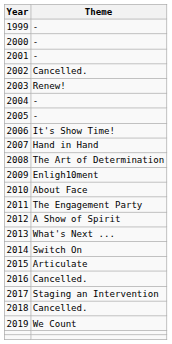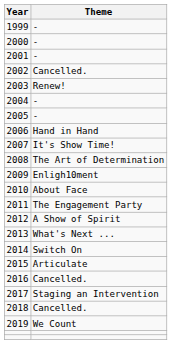 <table class="wikitable">
 <tr>
 <th>Year</th>
 <th>Theme</th>
 </tr>
 <tr>
 <td>1999</td>
 <td>-</td>
 </tr>
 <tr>
 <td>2000</td>
 <td>-</td>
 </tr>
 <tr>
 <td>2001</td>
 <td>-</td>
 </tr>
 <tr>
 <td>2002</td>
 <td>Cancelled.</td>
 </tr>
 <tr>
 <td>2003</td>
 <td>Renew!</td>
 </tr>
 <tr>
 <td>2004</td>
 <td>-</td>
 </tr>
 <tr>
 <td>2005</td>
 <td>-</td>
 </tr>
 <tr>
 <td>2006</td>
-<td>It's Show Time!</td>
+<td>Hand in Hand</td>
 </tr>
 <tr>
 <td>2007</td>
-<td>Hand in Hand</td>
+<td>It's Show Time!</td>
 </tr>
 <tr>
 <td>2008</td>
 <td>The Art of Determination</td>
 </tr>
 <tr>
 <td>2009</td>
 <td>Enligh10ment</td>
 </tr>
 <tr>
 <td>2010</td>
 <td>About Face</td>
 </tr>
 <tr>
 <td>2011</td>
 <td>The Engagement Party</td>
 </tr>
 <tr>
 <td>2012</td>
 <td>A Show of Spirit</td>
 </tr>
 <tr>
 <td>2013</td>
 <td>What's Next ...</td>
 </tr>
 <tr>
 <td>2014</td>
 <td>Switch On</td>
 </tr>
 <tr>
 <td>2015</td>
 <td>Articulate</td>
 </tr>
 <tr>
 <td>2016</td>
 <td>Cancelled.</td>
 </tr>
 <tr>
 <td>2017</td>
 <td>Staging an Intervention</td>
 </tr>
 <tr>
 <td>2018</td>
 <td>Cancelled.</td>
 </tr>
 <tr>
 <td>2019</td>
 <td>We Count</td>
 </tr>
 <tr>
 <td></td>
 <td></td>
 </tr>
 <tr>
 <td></td>
 <td></td>
 </tr>
 </table>
